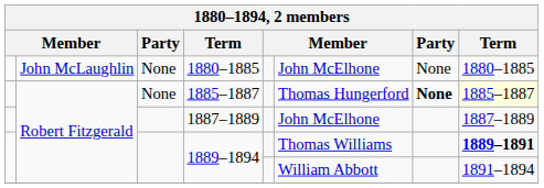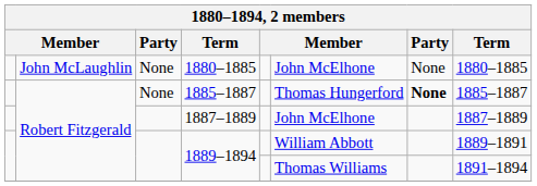 <table class="wikitable">
 <tr>
 <th colspan="8">1880–1894, 2 members</th>
 </tr>
 <tr>
 <th colspan="2">Member</th>
 <th>Party</th>
 <th>Term</th>
 <th colspan="2">Member</th>
 <th>Party</th>
 <th>Term</th>
 </tr>
 <tr>
 <td> </td>
 <td><a href='#'>John McLaughlin</a></td>
 <td>None</td>
 <td><a href='#'>1880</a>–1885</td>
 <td> </td>
 <td><a href='#'>John McElhone</a></td>
 <td>None</td>
 <td><a href='#'>1880</a>–1885</td>
 </tr>
 <tr>
 <td> </td>
 <td rowspan="4"><a href='#'>Robert Fitzgerald</a></td>
 <td>None</td>
 <td><a href='#'>1885</a>–1887</td>
 <td> </td>
 <td><a href='#'>Thomas Hungerford</a></td>
 <td><strong>None</strong></td>
-<td style="background: lightyellow;"><a href='#'>1885</a>–1887</td>
+<td><a href='#'>1885</a>–1887</td>
 </tr>
 <tr>
 <td> </td>
 <td></td>
 <td>1887–1889</td>
 <td> </td>
 <td><a href='#'>John McElhone</a></td>
 <td></td>
 <td><a href='#'>1887</a>–1889</td>
 </tr>
 <tr>
 <td rowspan="2" > </td>
 <td rowspan="2"></td>
 <td rowspan="2"><a href='#'>1889</a>–1894</td>
 <td> </td>
-<td><a href='#'>Thomas Williams</a></td>
+<td><a href='#'>William Abbott</a></td>
 <td></td>
-<td><strong><a href='#'>1889</a>–1891</strong></td>
+<td><a href='#'>1889</a>–1891</td>
 </tr>
 <tr>
 <td> </td>
-<td><a href='#'>William Abbott</a></td>
+<td><a href='#'>Thomas Williams</a></td>
 <td></td>
 <td><a href='#'>1891</a>–1894</td>
 </tr>
 <tr>
 </tr>
 </table>
